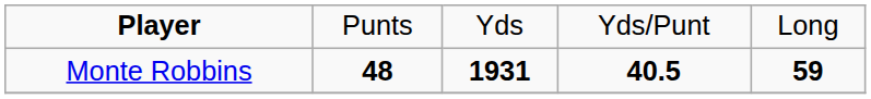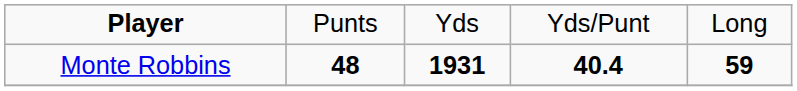 <table class="wikitable" width="80%">
 <tr align="center">
 <td><strong>Player</strong></td>
 <td>Punts</td>
 <td>Yds</td>
 <td>Yds/Punt</td>
 <td>Long</td>
 </tr>
 <tr align="center" bgcolor="">
 <td><a href='#'>Monte Robbins</a></td>
 <td><strong>48</strong></td>
 <td><strong>1931</strong></td>
-<td><strong>40.5</strong></td>
+<td><strong>40.4</strong></td>
 <td><strong>59</strong></td>
 </tr>
 <tr align="center" bgcolor="">
 </tr>
 </table>
